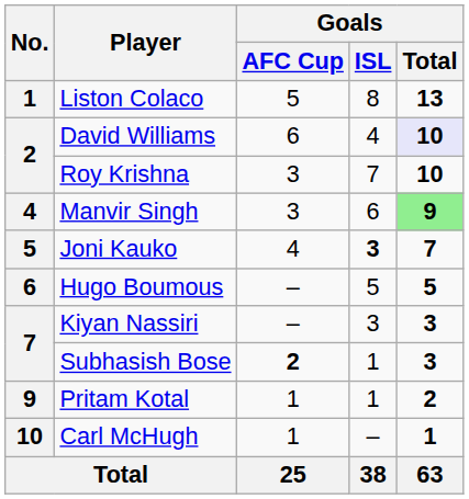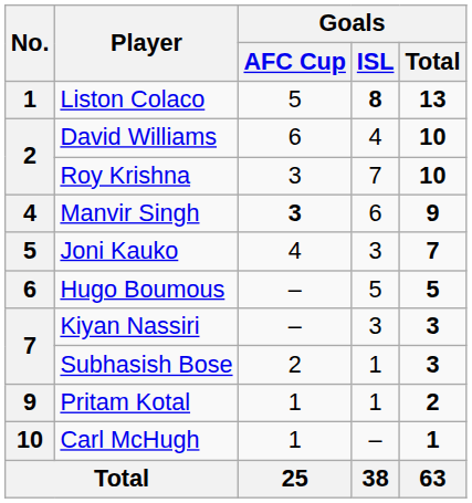 <table class="wikitable">
 <tr>
 <th rowspan="2">No.</th>
 <th rowspan="2">Player</th>
 <th colspan="3">Goals</th>
 </tr>
 <tr>
 <th><a href='#'>AFC Cup</a></th>
 <th><a href='#'>ISL</a></th>
 <th>Total</th>
 </tr>
 <tr>
 <th>1</th>
 <td> <a href='#'>Liston Colaco</a></td>
 <td style="text-align:center">5</td>
-<td style="text-align:center">8</td>
+<td style="text-align:center"><strong>8</strong></td>
 <td style="text-align:center"><strong>13</strong></td>
 </tr>
 <tr>
 <th rowspan="2">2</th>
 <td> <a href='#'>David Williams</a></td>
 <td style="text-align:center">6</td>
 <td style="text-align:center">4</td>
-<td style="background: lavender; text-align:center"><strong>10</strong></td>
+<td style="text-align:center"><strong>10</strong></td>
 </tr>
 <tr>
 <td> <a href='#'>Roy Krishna</a></td>
 <td style="text-align:center">3</td>
 <td style="text-align:center">7</td>
 <td style="text-align:center"><strong>10</strong></td>
 </tr>
 <tr>
 <th>4</th>
 <td> <a href='#'>Manvir Singh</a></td>
-<td style="text-align:center">3</td>
+<td style="text-align:center"><strong>3</strong></td>
 <td style="text-align:center">6</td>
-<td style="background: lightgreen; text-align:center"><strong>9</strong></td>
+<td style="text-align:center"><strong>9</strong></td>
 </tr>
 <tr>
 <th>5</th>
 <td> <a href='#'>Joni Kauko</a></td>
 <td style="text-align:center">4</td>
-<td style="text-align:center"><strong>3</strong></td>
+<td style="text-align:center">3</td>
 <td style="text-align:center"><strong>7</strong></td>
 </tr>
 <tr>
 <th>6</th>
 <td> <a href='#'>Hugo Boumous</a></td>
 <td style="text-align:center">–</td>
 <td style="text-align:center">5</td>
 <td style="text-align:center"><strong>5</strong></td>
 </tr>
 <tr>
 <th rowspan="2">7</th>
 <td> <a href='#'>Kiyan Nassiri</a></td>
 <td style="text-align:center">–</td>
 <td style="text-align:center">3</td>
 <td style="text-align:center"><strong>3</strong></td>
 </tr>
 <tr>
 <td> <a href='#'>Subhasish Bose</a></td>
-<td style="text-align:center"><strong>2</strong></td>
+<td style="text-align:center">2</td>
 <td style="text-align:center">1</td>
 <td style="text-align:center"><strong>3</strong></td>
 </tr>
 <tr>
 <th>9</th>
 <td> <a href='#'>Pritam Kotal</a></td>
 <td style="text-align:center">1</td>
 <td style="text-align:center">1</td>
 <td style="text-align:center"><strong>2</strong></td>
 </tr>
 <tr>
 <th>10</th>
 <td> <a href='#'>Carl McHugh</a></td>
 <td style="text-align:center">1</td>
 <td style="text-align:center">–</td>
 <td style="text-align:center"><strong>1</strong></td>
 </tr>
 <tr>
 <th colspan="2">Total</th>
 <th><strong>25</strong></th>
 <th><strong>38</strong></th>
 <th><strong>63</strong></th>
 </tr>
 </table>
